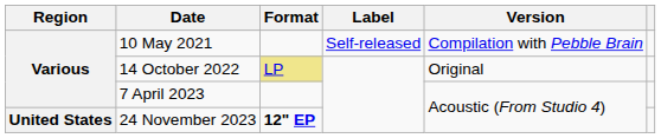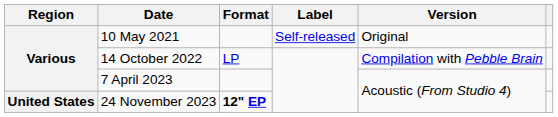 <table class="wikitable plainrowheaders">
 <tr>
 <th scope="col">Region</th>
 <th scope="col">Date</th>
 <th scope="col">Format</th>
 <th scope="col">Label</th>
 <th scope="col">Version</th>
 <th scope="col"></th>
 </tr>
 <tr>
 <th scope="row" rowspan="3">Various</th>
 <td>10 May 2021</td>
 <td></td>
 <td><a href='#'>Self-released</a></td>
-<td><a href='#'>Compilation</a> with <em><a href='#'>Pebble Brain</a></em></td>
+<td>Original</td>
 <td align="center"></td>
 </tr>
 <tr>
 <td>14 October 2022</td>
-<td style="background: khaki;"><a href='#'>LP</a></td>
+<td><a href='#'>LP</a></td>
 <td rowspan="3"></td>
-<td>Original</td>
+<td><a href='#'>Compilation</a> with <em><a href='#'>Pebble Brain</a></em></td>
 <td align="center"></td>
 </tr>
 <tr>
 <td>7 April 2023</td>
 <td></td>
 <td rowspan="2">Acoustic (<em>From Studio 4</em>)</td>
 <td align="center"></td>
 </tr>
 <tr>
 <th scope="row">United States</th>
 <td>24 November 2023</td>
 <td><strong>12" <a href='#'>EP</a></strong></td>
 <td align="center"></td>
 </tr>
 </table>
